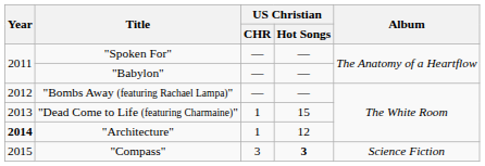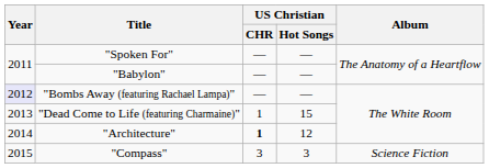 <table class="wikitable" style="text-align:center">
 <tr>
 <th rowspan="2">Year</th>
 <th rowspan="2">Title</th>
 <th colspan="2">US Christian</th>
 <th rowspan="2">Album</th>
 </tr>
 <tr>
 <th>CHR</th>
 <th>Hot Songs</th>
 </tr>
 <tr>
 <td rowspan="2">2011</td>
 <td>"Spoken For"</td>
 <td>—</td>
 <td>—</td>
 <td rowspan="2"><em>The Anatomy of a Heartflow</em></td>
 </tr>
 <tr>
 <td>"Babylon"</td>
 <td>—</td>
 <td>—</td>
 </tr>
 <tr>
-<td>2012</td>
+<td style="background: lavender;">2012</td>
 <td>"Bombs Away <small>(featuring Rachael Lampa)</small>"</td>
 <td>—</td>
 <td>—</td>
 <td rowspan="3"><em>The White Room</em></td>
 </tr>
 <tr>
 <td>2013</td>
 <td>"Dead Come to Life <small>(featuring Charmaine)</small>"</td>
 <td>1</td>
 <td>15</td>
 </tr>
 <tr>
-<td><strong>2014</strong></td>
+<td>2014</td>
 <td>"Architecture"</td>
-<td>1</td>
+<td><strong>1</strong></td>
 <td>12</td>
 </tr>
 <tr>
 <td>2015</td>
 <td>"Compass"</td>
 <td>3</td>
-<td><strong>3</strong></td>
+<td>3</td>
 <td><em>Science Fiction</em></td>
 </tr>
 </table>
